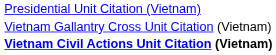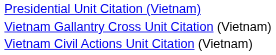 <table>
 <tr>
 <td> <a href='#'>Presidential Unit Citation (Vietnam)</a></td>
 </tr>
 <tr>
 <td> <a href='#'>Vietnam Gallantry Cross Unit Citation</a> (Vietnam)</td>
 </tr>
 <tr>
-<td><strong> <a href='#'>Vietnam Civil Actions Unit Citation</a> (Vietnam)</strong></td>
+<td> <a href='#'>Vietnam Civil Actions Unit Citation</a> (Vietnam)</td>
 </tr>
 </table>
